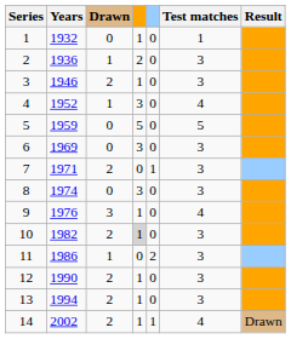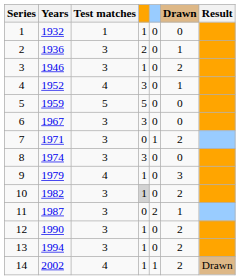 <table class="wikitable">
 <tr>
 <th>Series</th>
 <th>Years</th>
-<th style="background:#deb887">Drawn</th>
+<th>Test matches</th>
 <th style="background: Orange;"></th>
 <th style="background:#99ccff"></th>
-<th>Test matches</th>
+<th style="background:#deb887">Drawn</th>
 <th>Result</th>
 </tr>
 <tr>
 <td align="center">1</td>
 <td><a href='#'>1932</a></td>
+<td align="center">1</td>
+<td align="center">1</td>
 <td align="center">0</td>
-<td align="center">1</td>
+<td align="center">0</td>
+<td style="background: Orange;"></td>
+</tr>
+<tr>
+<td align="center">2</td>
+<td><a href='#'>1936</a></td>
+<td align="center">3</td>
+<td align="center">2</td>
 <td align="center">0</td>
 <td align="center">1</td>
 <td style="background: Orange;"></td>
 </tr>
 <tr>
+<td align="center">3</td>
+<td><a href='#'>1946</a></td>
+<td align="center">3</td>
+<td align="center">1</td>
+<td align="center">0</td>
 <td align="center">2</td>
-<td><a href='#'>1936</a></td>
-<td align="center">1</td>
-<td align="center">2</td>
-<td align="center">0</td>
-<td align="center">3</td>
 <td style="background: Orange;"></td>
 </tr>
 <tr>
+<td align="center">4</td>
+<td><a href='#'>1952</a></td>
+<td align="center">4</td>
 <td align="center">3</td>
-<td><a href='#'>1946</a></td>
+<td align="center">0</td>
+<td align="center">1</td>
+<td style="background: Orange;"></td>
+</tr>
+<tr>
+<td align="center">5</td>
+<td><a href='#'>1959</a></td>
+<td align="center">5</td>
+<td align="center">5</td>
+<td align="center">0</td>
+<td align="center">0</td>
+<td style="background: Orange;"></td>
+</tr>
+<tr>
+<td align="center">6</td>
+<td><a href='#'>1967</a></td>
+<td align="center">3</td>
+<td align="center">3</td>
+<td align="center">0</td>
+<td align="center">0</td>
+<td style="background: Orange;"></td>
+</tr>
+<tr>
+<td align="center">7</td>
+<td><a href='#'>1971</a></td>
+<td align="center">3</td>
+<td align="center">0</td>
+<td align="center">1</td>
 <td align="center">2</td>
+<td style="background:#99ccff"></td>
+</tr>
+<tr>
+<td align="center">8</td>
+<td><a href='#'>1974</a></td>
+<td align="center">3</td>
+<td align="center">3</td>
+<td align="center">0</td>
+<td align="center">0</td>
+<td style="background: Orange;"></td>
+</tr>
+<tr>
+<td align="center">9</td>
+<td><a href='#'>1979</a></td>
+<td align="center">4</td>
 <td align="center">1</td>
 <td align="center">0</td>
 <td align="center">3</td>
 <td style="background: Orange;"></td>
 </tr>
 <tr>
-<td align="center">4</td>
-<td><a href='#'>1952</a></td>
-<td align="center">1</td>
-<td align="center">3</td>
-<td align="center">0</td>
-<td align="center">4</td>
-<td style="background: Orange;"></td>
-</tr>
-<tr>
-<td align="center">5</td>
-<td><a href='#'>1959</a></td>
-<td align="center">0</td>
-<td align="center">5</td>
-<td align="center">0</td>
-<td align="center">5</td>
-<td style="background: Orange;"></td>
-</tr>
-<tr>
-<td align="center">6</td>
-<td><a href='#'>1969</a></td>
-<td align="center">0</td>
-<td align="center">3</td>
-<td align="center">0</td>
-<td align="center">3</td>
-<td style="background: Orange;"></td>
-</tr>
-<tr>
-<td align="center">7</td>
-<td><a href='#'>1971</a></td>
-<td align="center">2</td>
-<td align="center">0</td>
-<td align="center">1</td>
-<td align="center">3</td>
-<td style="background:#99ccff"></td>
-</tr>
-<tr>
-<td align="center">8</td>
-<td><a href='#'>1974</a></td>
-<td align="center">0</td>
-<td align="center">3</td>
-<td align="center">0</td>
-<td align="center">3</td>
-<td style="background: Orange;"></td>
-</tr>
-<tr>
-<td align="center">9</td>
-<td><a href='#'>1976</a></td>
-<td align="center">3</td>
-<td align="center">1</td>
-<td align="center">0</td>
-<td align="center">4</td>
-<td style="background: Orange;"></td>
-</tr>
-<tr>
 <td align="center">10</td>
 <td><a href='#'>1982</a></td>
-<td align="center">2</td>
+<td align="center">3</td>
 <td align="center" style="background: lightgrey;">1</td>
 <td align="center">0</td>
-<td align="center">3</td>
+<td align="center">2</td>
 <td style="background: Orange;"></td>
 </tr>
 <tr>
 <td align="center">11</td>
-<td><a href='#'>1986</a></td>
-<td align="center">1</td>
+<td><a href='#'>1987</a></td>
+<td align="center">3</td>
 <td align="center">0</td>
 <td align="center">2</td>
-<td align="center">3</td>
+<td align="center">1</td>
 <td style="background:#99ccff"></td>
 </tr>
 <tr>
 <td align="center">12</td>
 <td><a href='#'>1990</a></td>
-<td align="center">2</td>
+<td align="center">3</td>
 <td align="center">1</td>
 <td align="center">0</td>
-<td align="center">3</td>
+<td align="center">2</td>
 <td style="background: Orange;"></td>
 </tr>
 <tr>
 <td align="center">13</td>
 <td><a href='#'>1994</a></td>
-<td align="center">2</td>
+<td align="center">3</td>
 <td align="center">1</td>
 <td align="center">0</td>
-<td align="center">3</td>
+<td align="center">2</td>
 <td style="background: Orange;"></td>
 </tr>
 <tr>
 <td align="center">14</td>
 <td><a href='#'>2002</a></td>
-<td align="center">2</td>
+<td align="center">4</td>
 <td align="center">1</td>
 <td align="center">1</td>
-<td align="center">4</td>
+<td align="center">2</td>
 <td style="background:#deb887">Drawn</td>
 </tr>
 </table>
